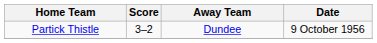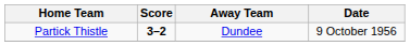 <table class="wikitable" style="text-align:center;">
 <tr>
 <th width=175>Home Team</th>
 <th width=20>Score</th>
 <th width=175>Away Team</th>
 <th width= 125>Date</th>
 </tr>
 <tr>
 <td><a href='#'>Partick Thistle</a></td>
-<td>3–2</td>
+<td><strong>3–2</strong></td>
 <td><a href='#'>Dundee</a></td>
 <td>9 October 1956</td>
 </tr>
 <tr>
 </tr>
 </table>
